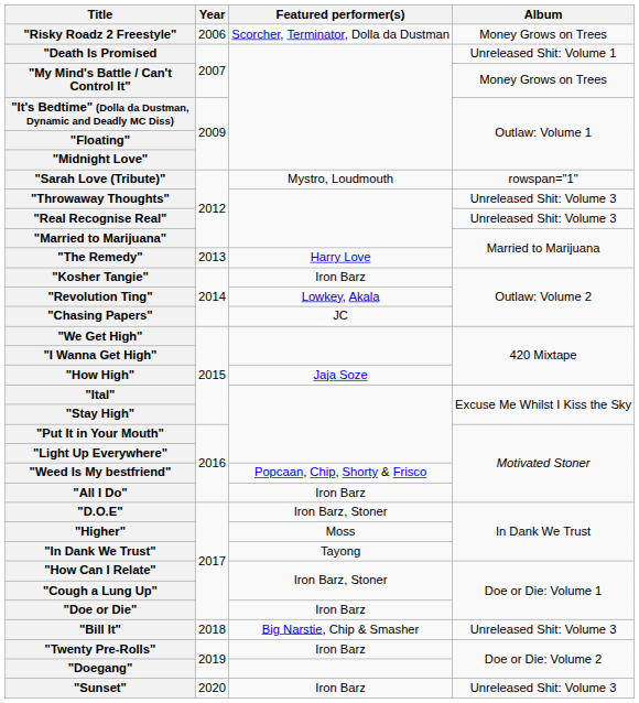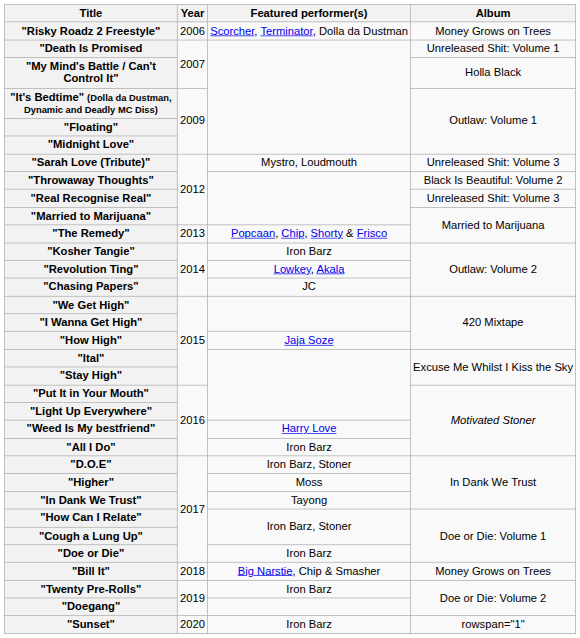 <table class="wikitable plainrowheaders" style="text-align:center;">
 <tr>
 <th scope="col" style="width:15em;">Title</th>
 <th scope="col">Year</th>
 <th scope="col">Featured performer(s)</th>
 <th scope="col">Album</th>
 </tr>
 <tr>
 <th scope="row">"Risky Roadz 2 Freestyle"</th>
 <td>2006</td>
 <td><a href='#'>Scorcher</a>, <a href='#'>Terminator</a>, Dolla da Dustman</td>
 <td>Money Grows on Trees</td>
 </tr>
 <tr>
 <th scope="row">"Death Is Promised</th>
 <td rowspan="2">2007</td>
 <td rowspan="5"></td>
 <td>Unreleased Shit: Volume 1</td>
 </tr>
 <tr>
 <th scope="row">"My Mind's Battle / Can't Control It"</th>
-<td>Money Grows on Trees</td>
+<td>Holla Black</td>
 </tr>
 <tr>
 <th scope="row">"It's Bedtime" <small>(Dolla da Dustman, Dynamic and Deadly MC Diss)</small></th>
 <td rowspan="3">2009</td>
 <td rowspan="3">Outlaw: Volume 1</td>
 </tr>
 <tr>
 <th scope="row">"Floating"</th>
 </tr>
 <tr>
 <th scope="row">"Midnight Love"</th>
 </tr>
 <tr>
 <th scope="row">"Sarah Love (Tribute)"</th>
 <td rowspan="4">2012</td>
 <td rowspan="1">Mystro, Loudmouth</td>
-<td>rowspan="1" </td>
+<td>Unreleased Shit: Volume 3</td>
 </tr>
 <tr>
 <th scope="row">"Throwaway Thoughts"</th>
 <td rowspan="3"></td>
-<td>Unreleased Shit: Volume 3</td>
+<td>Black Is Beautiful: Volume 2</td>
 </tr>
 <tr>
 <th scope="row">"Real Recognise Real"</th>
 <td>Unreleased Shit: Volume 3</td>
 </tr>
 <tr>
 <th scope="row">"Married to Marijuana"</th>
 <td rowspan="2">Married to Marijuana</td>
 </tr>
 <tr>
 <th scope="row">"The Remedy"</th>
 <td>2013</td>
-<td><a href='#'>Harry Love</a></td>
+<td><a href='#'>Popcaan</a>, <a href='#'>Chip</a>, <a href='#'>Shorty</a> & <a href='#'>Frisco</a></td>
 </tr>
 <tr>
 <th scope="row">"Kosher Tangie"</th>
 <td rowspan="3">2014</td>
 <td rowspan="1">Iron Barz</td>
 <td rowspan="3">Outlaw: Volume 2</td>
 </tr>
 <tr>
 <th scope="row">"Revolution Ting"</th>
 <td><a href='#'>Lowkey</a>, <a href='#'>Akala</a></td>
 </tr>
 <tr>
 <th scope="row">"Chasing Papers"</th>
 <td rowspan="1">JC</td>
 </tr>
 <tr>
 <th scope="row">"We Get High"</th>
 <td rowspan="5">2015</td>
 <td rowspan="2"></td>
 <td rowspan="3">420 Mixtape</td>
 </tr>
 <tr>
 <th scope="row">"I Wanna Get High"</th>
 </tr>
 <tr>
 <th scope="row">"How High"</th>
 <td><a href='#'>Jaja Soze</a></td>
 </tr>
 <tr>
 <th scope="row">"Ital"</th>
 <td rowspan="4"></td>
 <td rowspan="2">Excuse Me Whilst I Kiss the Sky</td>
 </tr>
 <tr>
 <th scope="row">"Stay High"</th>
 </tr>
 <tr>
 <th scope="row">"Put It in Your Mouth"</th>
 <td rowspan="4">2016</td>
 <td rowspan="4"><em>Motivated Stoner</em></td>
 </tr>
 <tr>
 <th scope="row">"Light Up Everywhere"</th>
 </tr>
 <tr>
 <th scope="row">"Weed Is My bestfriend"</th>
-<td><a href='#'>Popcaan</a>, <a href='#'>Chip</a>, <a href='#'>Shorty</a> & <a href='#'>Frisco</a></td>
+<td><a href='#'>Harry Love</a></td>
 </tr>
 <tr>
 <th scope="row">"All I Do"</th>
 <td>Iron Barz</td>
 </tr>
 <tr>
 <th scope="row">"D.O.E"</th>
 <td rowspan="6">2017</td>
 <td>Iron Barz, Stoner</td>
 <td rowspan="3">In Dank We Trust</td>
 </tr>
 <tr>
 <th scope="row">"Higher"</th>
 <td>Moss</td>
 </tr>
 <tr>
 <th scope="row">"In Dank We Trust"</th>
 <td>Tayong</td>
 </tr>
 <tr>
 <th scope="row">"How Can I Relate"</th>
 <td rowspan="2">Iron Barz, Stoner</td>
 <td rowspan="3">Doe or Die: Volume 1</td>
 </tr>
 <tr>
 <th scope="row">"Cough a Lung Up"</th>
 </tr>
 <tr>
 <th scope="row">"Doe or Die"</th>
 <td>Iron Barz</td>
 </tr>
 <tr>
 <th scope="row">"Bill It"</th>
 <td>2018</td>
 <td><a href='#'>Big Narstie</a>, Chip & Smasher</td>
-<td>Unreleased Shit: Volume 3</td>
+<td>Money Grows on Trees</td>
 </tr>
 <tr>
 <th scope="row">"Twenty Pre-Rolls"</th>
 <td rowspan="2">2019</td>
 <td>Iron Barz</td>
 <td rowspan="2">Doe or Die: Volume 2</td>
 </tr>
 <tr>
 <th scope="row">"Doegang"</th>
 </tr>
 <tr>
 <th scope="row">"Sunset"</th>
 <td rowspan="1">2020</td>
 <td>Iron Barz</td>
-<td>Unreleased Shit: Volume 3</td>
+<td>rowspan="1" </td>
 </tr>
 </table>
